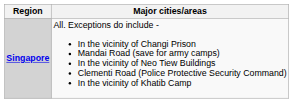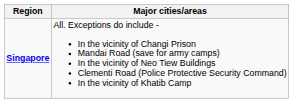 <table class="wikitable" style="font-size:90%">
 <tr>
 <th>Region</th>
 <th>Major cities/areas</th>
 </tr>
 <tr>
-<td style="background: lightgrey;"><strong><a href='#'>Singapore</a></strong></td>
+<td><strong><a href='#'>Singapore</a></strong></td>
 <td>All. Exceptions do include -<br><ul><li>In the vicinity of Changi Prison</li><li>Mandai Road (save for army camps)</li><li>In the vicinity of Neo Tiew Buildings</li><li>Clementi Road (Police Protective Security Command)</li><li>In the vicinity of Khatib Camp</li></ul></td>
 </tr>
 </table>
